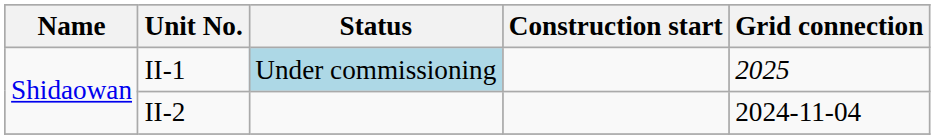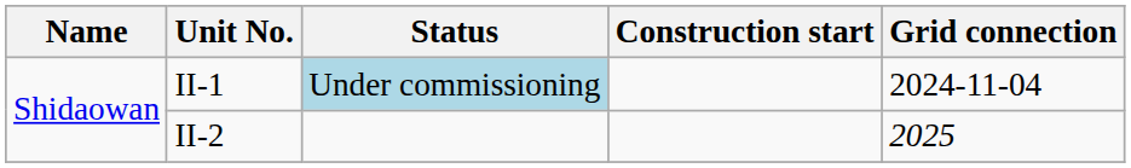 <table class="wikitable sortable mw-datatable">
 <tr>
 <th>Name</th>
 <th>Unit No.</th>
 <th>Status</th>
 <th>Construction start</th>
 <th>Grid connection</th>
 </tr>
 <tr>
 <td rowspan=2><a href='#'>Shidaowan</a></td>
 <td>II-1</td>
 <td style="background: lightblue;">Under commissioning</td>
 <td></td>
-<td><em>2025</em></td>
+<td>2024-11-04</td>
 </tr>
 <tr>
 <td>II-2</td>
 <td></td>
 <td></td>
-<td>2024-11-04</td>
+<td><em>2025</em></td>
 </tr>
 </table>
